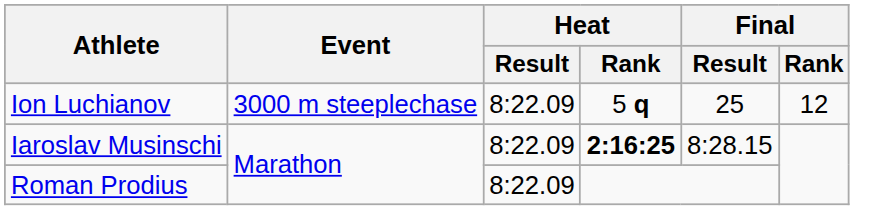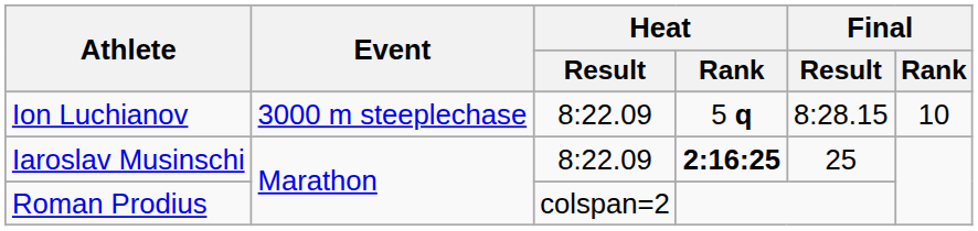 <table class="wikitable" style="font-size:90%">
 <tr>
 <th rowspan="2">Athlete</th>
 <th rowspan="2">Event</th>
 <th colspan="2">Heat</th>
 <th colspan="2">Final</th>
 </tr>
 <tr style="font-size:95%">
 <th>Result</th>
 <th>Rank</th>
 <th>Result</th>
 <th>Rank</th>
 </tr>
 <tr align=center>
 <td align=left><a href='#'>Ion Luchianov</a></td>
 <td align=left><a href='#'>3000 m steeplechase</a></td>
 <td>8:22.09</td>
 <td>5 <strong>q</strong></td>
-<td>25</td>
-<td>12</td>
+<td>8:28.15</td>
+<td>10</td>
 </tr>
 <tr align=center>
 <td align=left><a href='#'>Iaroslav Musinschi</a></td>
 <td align=left rowspan=2><a href='#'>Marathon</a></td>
 <td>8:22.09</td>
 <td><strong>2:16:25</strong></td>
-<td>8:28.15</td>
+<td>25</td>
 </tr>
 <tr align=center>
 <td align=left><a href='#'>Roman Prodius</a></td>
-<td>8:22.09</td>
+<td>colspan=2 </td>
 <td colspan=2></td>
 </tr>
 </table>
